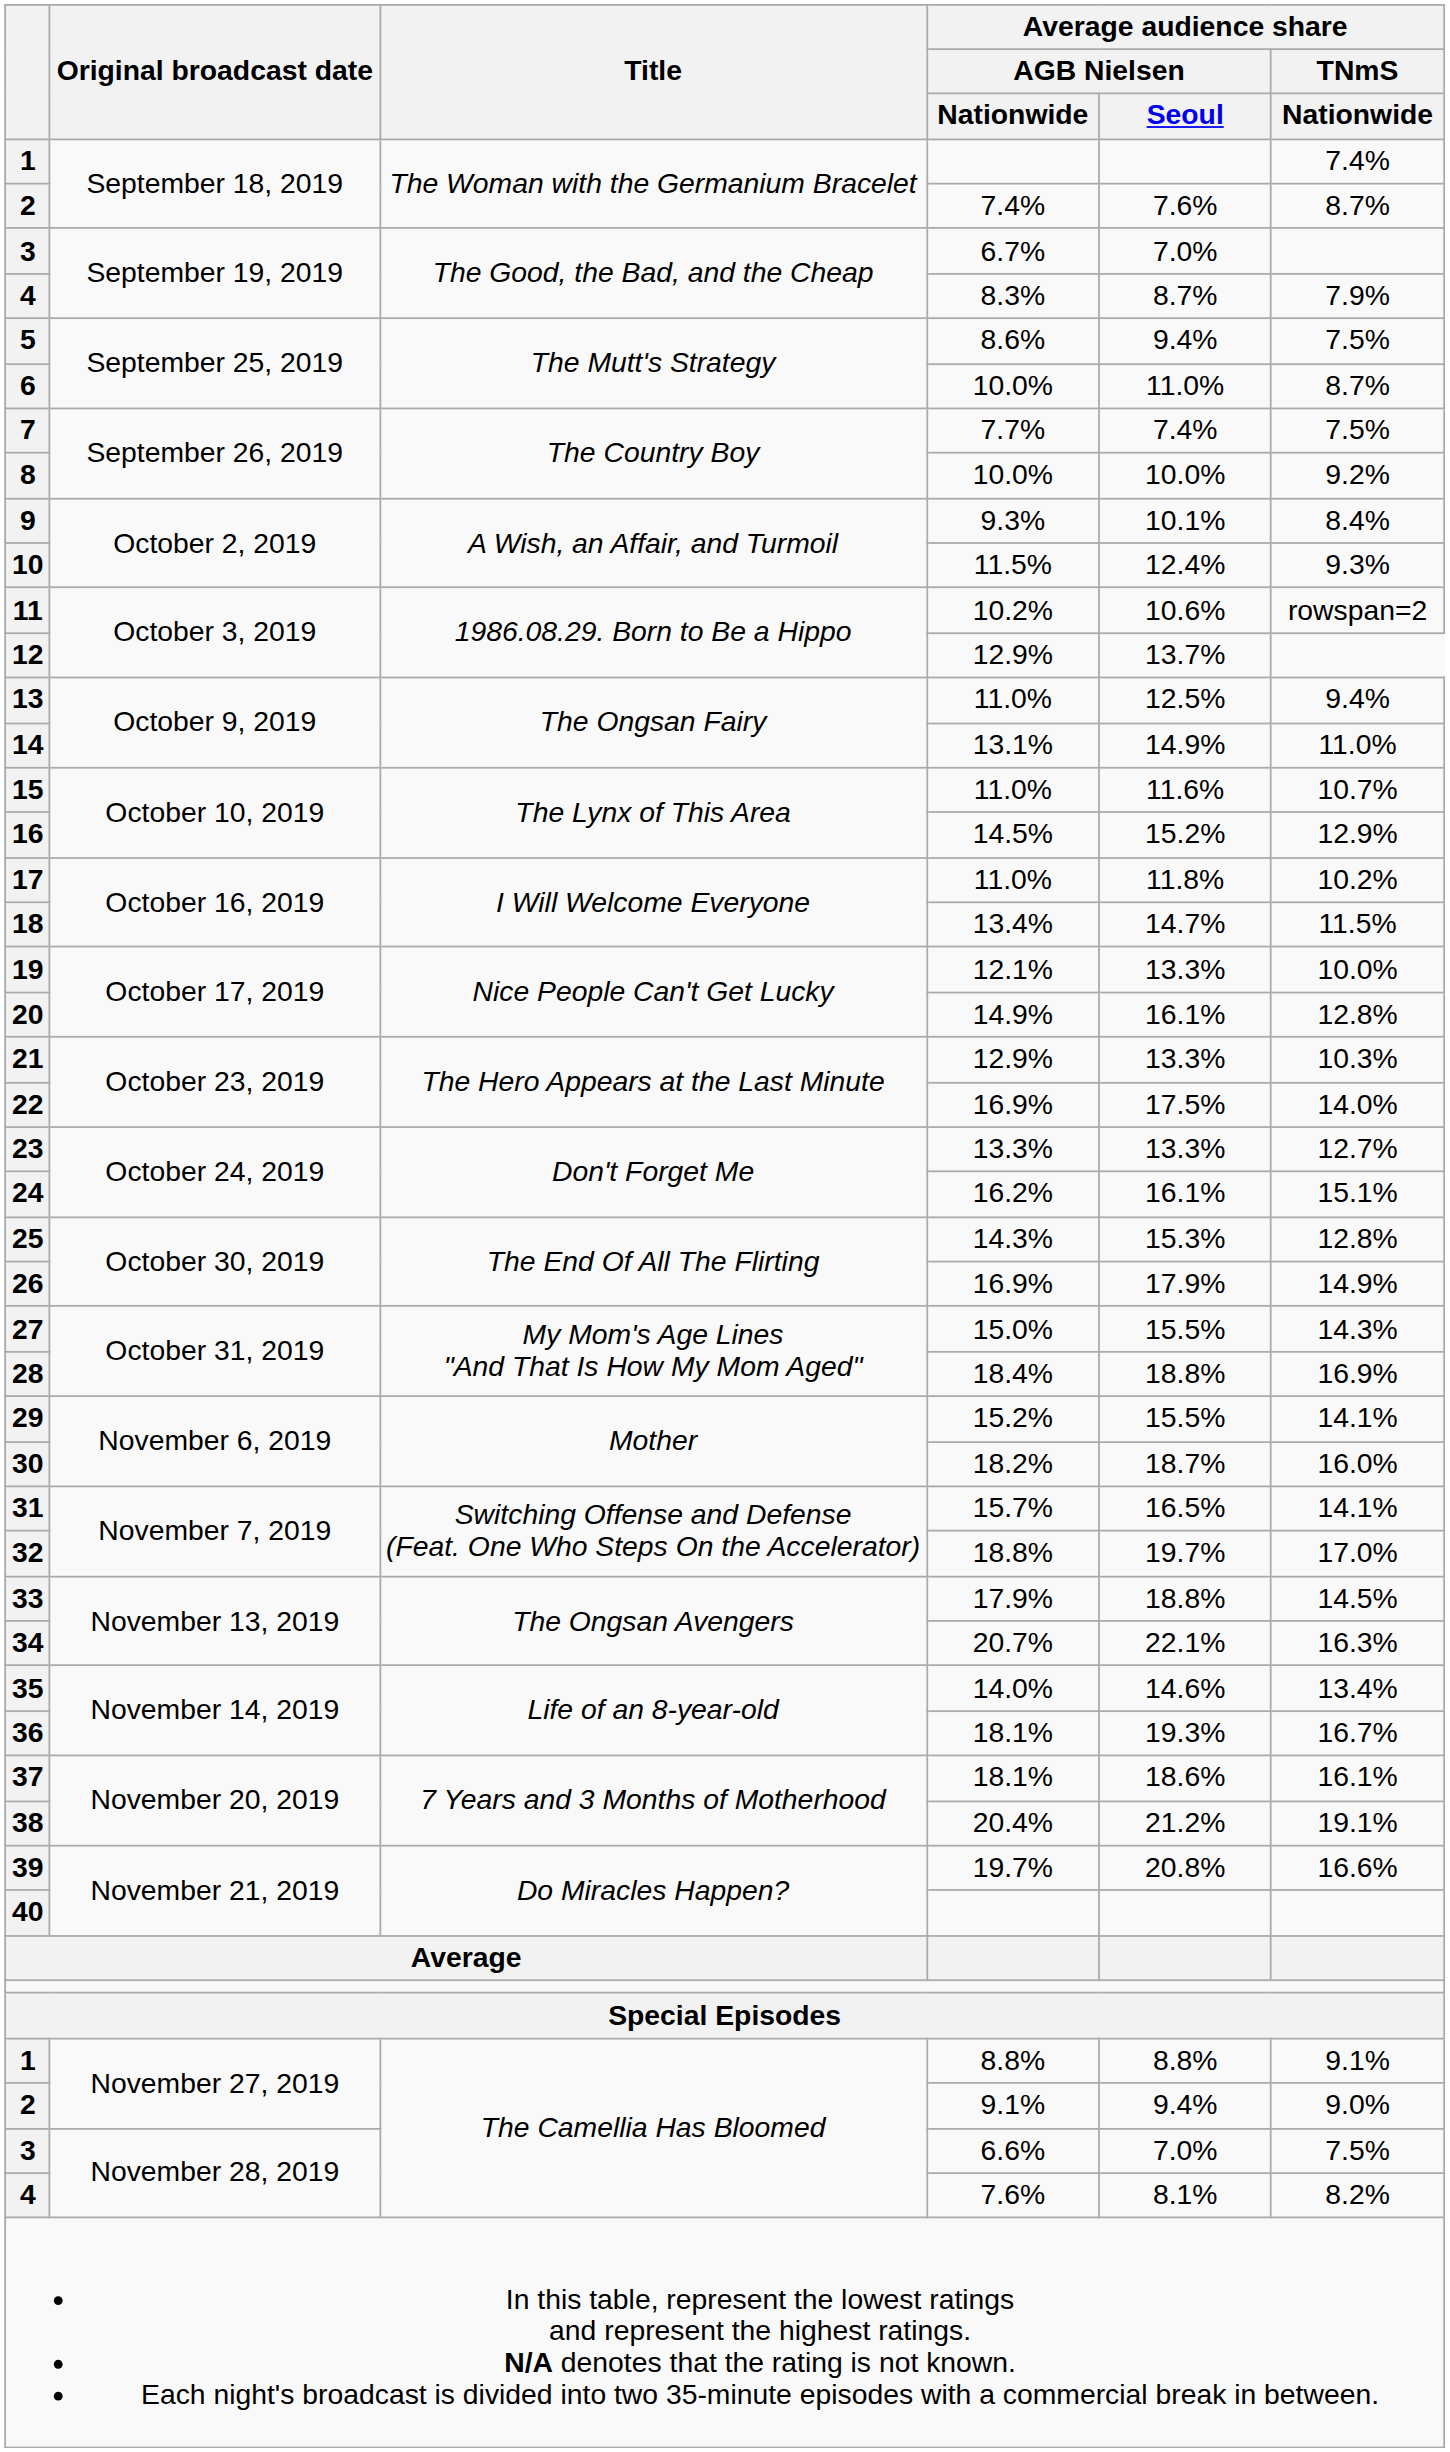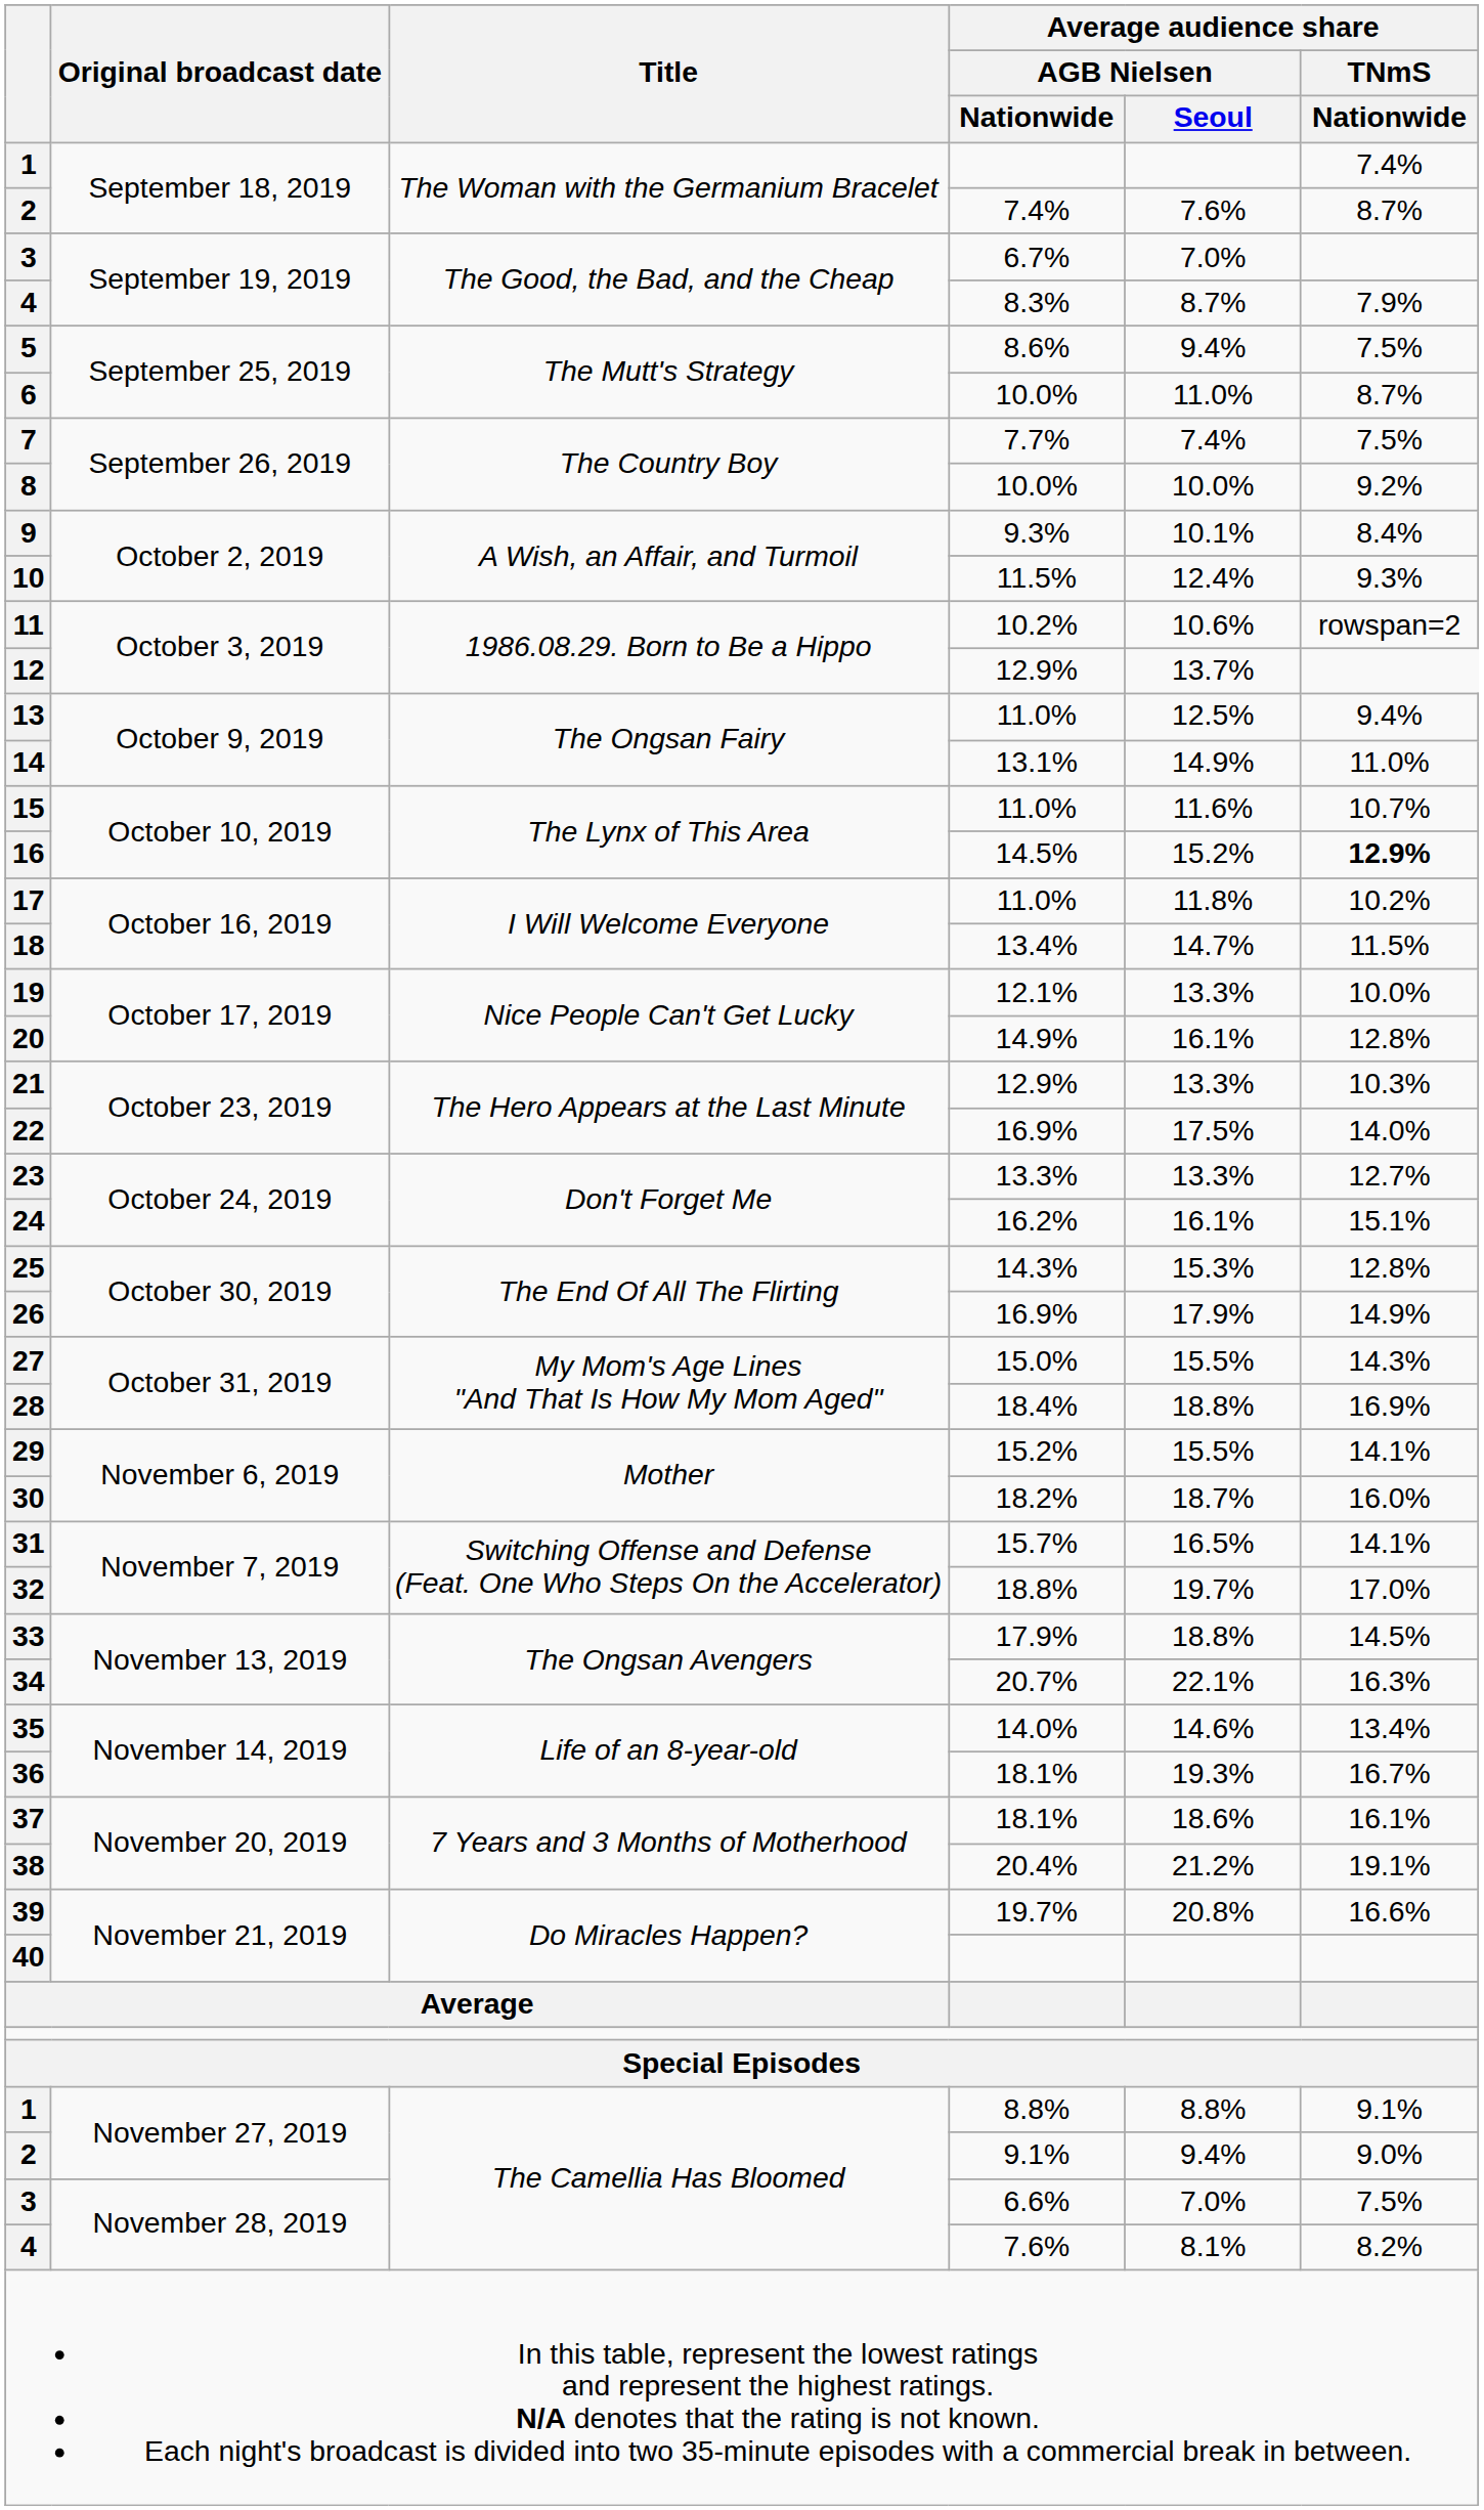 <table class="wikitable" style="text-align:center; margin-left: auto; margin-right: auto; border: none;">
 <tr>
 </tr>
 <tr>
 <th rowspan="3"></th>
 <th rowspan="3">Original broadcast date</th>
 <th rowspan="3">Title</th>
 <th colspan="3">Average audience share</th>
 </tr>
 <tr>
 <th colspan="2">AGB Nielsen</th>
 <th>TNmS</th>
 </tr>
 <tr>
 <th width="90">Nationwide</th>
 <th width="90"><a href='#'>Seoul</a></th>
 <th width="90">Nationwide</th>
 </tr>
 <tr>
 <th>1</th>
 <td rowspan="2">September 18, 2019</td>
 <td rowspan="2"><em>The Woman with the Germanium Bracelet</em></td>
 <td> </td>
 <td> </td>
 <td>7.4%</td>
 </tr>
 <tr>
 <th>2</th>
 <td>7.4% </td>
 <td>7.6% </td>
 <td>8.7%</td>
 </tr>
 <tr>
 <th>3</th>
 <td rowspan="2">September 19, 2019</td>
 <td rowspan="2"><em>The Good, the Bad, and the Cheap</em></td>
 <td>6.7% </td>
 <td>7.0% </td>
 <td></td>
 </tr>
 <tr>
 <th>4</th>
 <td>8.3% </td>
 <td>8.7% </td>
 <td>7.9%</td>
 </tr>
 <tr>
 <th>5</th>
 <td rowspan="2">September 25, 2019</td>
 <td rowspan="2"><em>The Mutt's Strategy</em></td>
 <td>8.6% </td>
 <td>9.4% </td>
 <td>7.5%</td>
 </tr>
 <tr>
 <th>6</th>
 <td>10.0% </td>
 <td>11.0% </td>
 <td>8.7%</td>
 </tr>
 <tr>
 <th>7</th>
 <td rowspan="2">September 26, 2019</td>
 <td rowspan="2"><em>The Country Boy</em></td>
 <td>7.7% </td>
 <td>7.4% </td>
 <td>7.5%</td>
 </tr>
 <tr>
 <th>8</th>
 <td>10.0% </td>
 <td>10.0% </td>
 <td>9.2%</td>
 </tr>
 <tr>
 <th>9</th>
 <td rowspan="2">October 2, 2019</td>
 <td rowspan="2"><em>A Wish, an Affair, and Turmoil</em></td>
 <td>9.3% </td>
 <td>10.1% </td>
 <td>8.4%</td>
 </tr>
 <tr>
 <th>10</th>
 <td>11.5% </td>
 <td>12.4% </td>
 <td>9.3%</td>
 </tr>
 <tr>
 <th>11</th>
 <td rowspan="2">October 3, 2019</td>
 <td rowspan="2"><em>1986.08.29. Born to Be a Hippo</em></td>
 <td>10.2% </td>
 <td>10.6% </td>
 <td>rowspan=2 </td>
 </tr>
 <tr>
 <th>12</th>
 <td>12.9% </td>
 <td>13.7% </td>
 </tr>
 <tr>
 <th>13</th>
 <td rowspan="2">October 9, 2019</td>
 <td rowspan="2"><em>The Ongsan Fairy</em></td>
 <td>11.0% </td>
 <td>12.5% </td>
 <td>9.4%</td>
 </tr>
 <tr>
 <th>14</th>
 <td>13.1% </td>
 <td>14.9% </td>
 <td>11.0%</td>
 </tr>
 <tr>
 <th>15</th>
 <td rowspan="2">October 10, 2019</td>
 <td rowspan="2"><em>The Lynx of This Area</em></td>
 <td>11.0% </td>
 <td>11.6% </td>
 <td>10.7%</td>
 </tr>
 <tr>
 <th>16</th>
 <td>14.5% </td>
 <td>15.2% </td>
-<td>12.9%</td>
+<td><strong>12.9%</strong></td>
 </tr>
 <tr>
 <th>17</th>
 <td rowspan="2">October 16, 2019</td>
 <td rowspan="2"><em>I Will Welcome Everyone</em></td>
 <td>11.0% </td>
 <td>11.8% </td>
 <td>10.2%</td>
 </tr>
 <tr>
 <th>18</th>
 <td>13.4% </td>
 <td>14.7% </td>
 <td>11.5%</td>
 </tr>
 <tr>
 <th>19</th>
 <td rowspan="2">October 17, 2019</td>
 <td rowspan="2"><em>Nice People Can't Get Lucky</em></td>
 <td>12.1% </td>
 <td>13.3% </td>
 <td>10.0%</td>
 </tr>
 <tr>
 <th>20</th>
 <td>14.9% </td>
 <td>16.1% </td>
 <td>12.8%</td>
 </tr>
 <tr>
 <th>21</th>
 <td rowspan="2">October 23, 2019</td>
 <td rowspan="2"><em>The Hero Appears at the Last Minute</em></td>
 <td>12.9% </td>
 <td>13.3% </td>
 <td>10.3%</td>
 </tr>
 <tr>
 <th>22</th>
 <td>16.9% </td>
 <td>17.5% </td>
 <td>14.0%</td>
 </tr>
 <tr>
 <th>23</th>
 <td rowspan="2">October 24, 2019</td>
 <td rowspan="2"><em>Don't Forget Me</em></td>
 <td>13.3% </td>
 <td>13.3% </td>
 <td>12.7%</td>
 </tr>
 <tr>
 <th>24</th>
 <td>16.2% </td>
 <td>16.1% </td>
 <td>15.1%</td>
 </tr>
 <tr>
 <th>25</th>
 <td rowspan="2">October 30, 2019</td>
 <td rowspan="2"><em>The End Of All The Flirting</em></td>
 <td>14.3% </td>
 <td>15.3% </td>
 <td>12.8%</td>
 </tr>
 <tr>
 <th>26</th>
 <td>16.9% </td>
 <td>17.9% </td>
 <td>14.9%</td>
 </tr>
 <tr>
 <th>27</th>
 <td rowspan="2">October 31, 2019</td>
 <td rowspan="2"><em>My  Mom's Age Lines<br>"And That Is How My Mom Aged"</em></td>
 <td>15.0% </td>
 <td>15.5% </td>
 <td>14.3%</td>
 </tr>
 <tr>
 <th>28</th>
 <td>18.4% </td>
 <td>18.8% </td>
 <td>16.9%</td>
 </tr>
 <tr>
 <th>29</th>
 <td rowspan="2">November 6, 2019</td>
 <td rowspan="2"><em>Mother</em></td>
 <td>15.2% </td>
 <td>15.5% </td>
 <td>14.1%</td>
 </tr>
 <tr>
 <th>30</th>
 <td>18.2% </td>
 <td>18.7% </td>
 <td>16.0%</td>
 </tr>
 <tr>
 <th>31</th>
 <td rowspan="2">November 7, 2019</td>
 <td rowspan="2"><em>Switching Offense and Defense<br>(Feat. One Who Steps On the Accelerator)</em></td>
 <td>15.7% </td>
 <td>16.5% </td>
 <td>14.1%</td>
 </tr>
 <tr>
 <th>32</th>
 <td>18.8% </td>
 <td>19.7% </td>
 <td>17.0%</td>
 </tr>
 <tr>
 <th>33</th>
 <td rowspan="2">November 13, 2019</td>
 <td rowspan="2"><em>The Ongsan Avengers</em></td>
 <td>17.9% </td>
 <td>18.8% </td>
 <td>14.5%</td>
 </tr>
 <tr>
 <th>34</th>
 <td>20.7% </td>
 <td>22.1% </td>
 <td>16.3%</td>
 </tr>
 <tr>
 <th>35</th>
 <td rowspan="2">November 14, 2019</td>
 <td rowspan="2"><em>Life of an 8-year-old</em></td>
 <td>14.0% </td>
 <td>14.6% </td>
 <td>13.4%</td>
 </tr>
 <tr>
 <th>36</th>
 <td>18.1% </td>
 <td>19.3% </td>
 <td>16.7%</td>
 </tr>
 <tr>
 <th>37</th>
 <td rowspan="2">November 20, 2019</td>
 <td rowspan="2"><em>7 Years and 3 Months of Motherhood</em></td>
 <td>18.1% </td>
 <td>18.6% </td>
 <td>16.1%</td>
 </tr>
 <tr>
 <th>38</th>
 <td>20.4% </td>
 <td>21.2% </td>
 <td>19.1%</td>
 </tr>
 <tr>
 <th>39</th>
 <td rowspan="2">November 21, 2019</td>
 <td rowspan="2"><em>Do Miracles Happen?</em></td>
 <td>19.7% </td>
 <td>20.8% </td>
 <td>16.6%</td>
 </tr>
 <tr>
 <th>40</th>
 <td> </td>
 <td> </td>
 <td></td>
 </tr>
 <tr>
 <th colspan="3">Average</th>
 <th></th>
 <th></th>
 <th></th>
 </tr>
 <tr align=center>
 <td colspan="7"></td>
 </tr>
 <tr align=center>
 <th colspan="7">Special Episodes</th>
 </tr>
 <tr align=center>
 <th>1</th>
 <td rowspan="2">November 27, 2019</td>
 <td rowspan="4"><em>The Camellia Has Bloomed</em></td>
 <td>8.8% </td>
 <td>8.8% </td>
 <td>9.1%</td>
 </tr>
 <tr>
 <th>2</th>
 <td>9.1% </td>
 <td>9.4% </td>
 <td>9.0%</td>
 </tr>
 <tr>
 <th>3</th>
 <td rowspan="2">November 28, 2019</td>
 <td>6.6% </td>
 <td>7.0% </td>
 <td>7.5%</td>
 </tr>
 <tr>
 <th>4</th>
 <td>7.6% </td>
 <td>8.1% </td>
 <td>8.2%</td>
 </tr>
 <tr>
 <td colspan="6"><br><ul><li>In this table,  represent the lowest ratings<br>and  represent the highest ratings.</li><li><strong>N/A</strong> denotes that the rating is not known.</li><li>Each night's broadcast is divided into two 35-minute episodes with a commercial break in between.</li></ul></td>
 </tr>
 </table>
